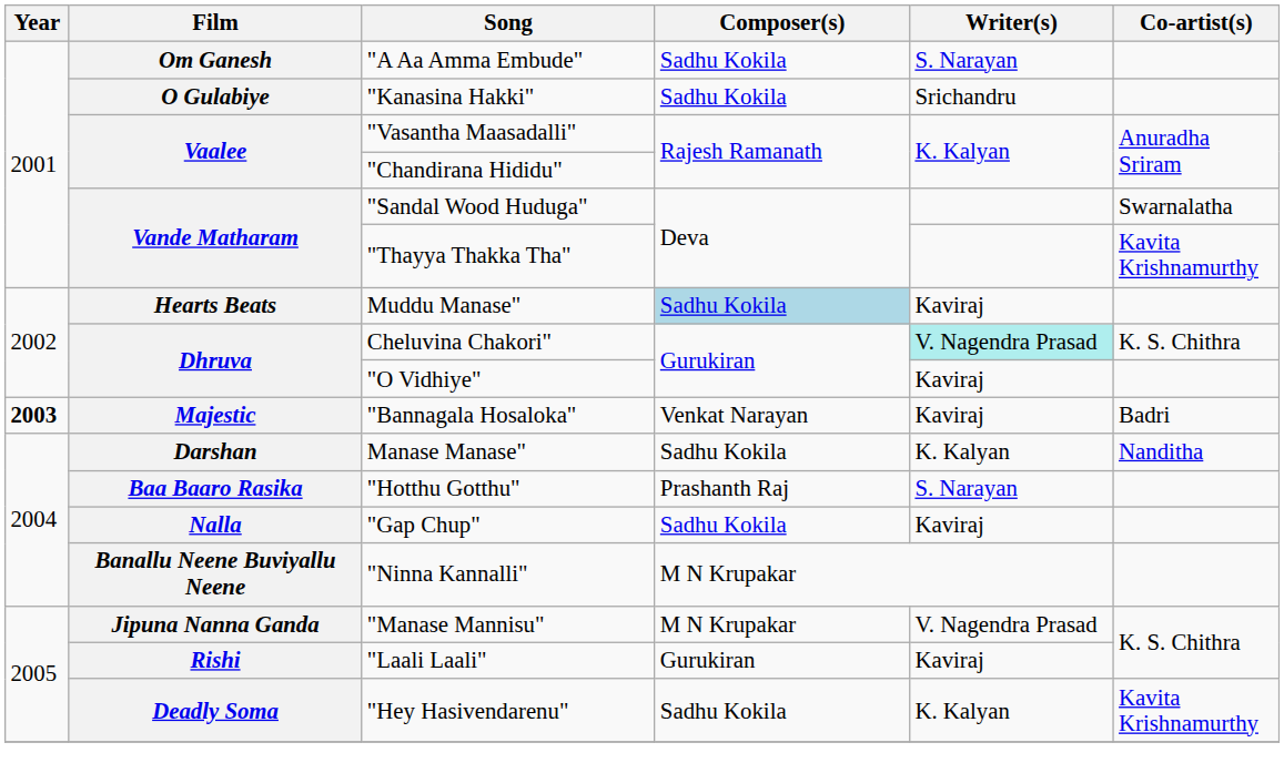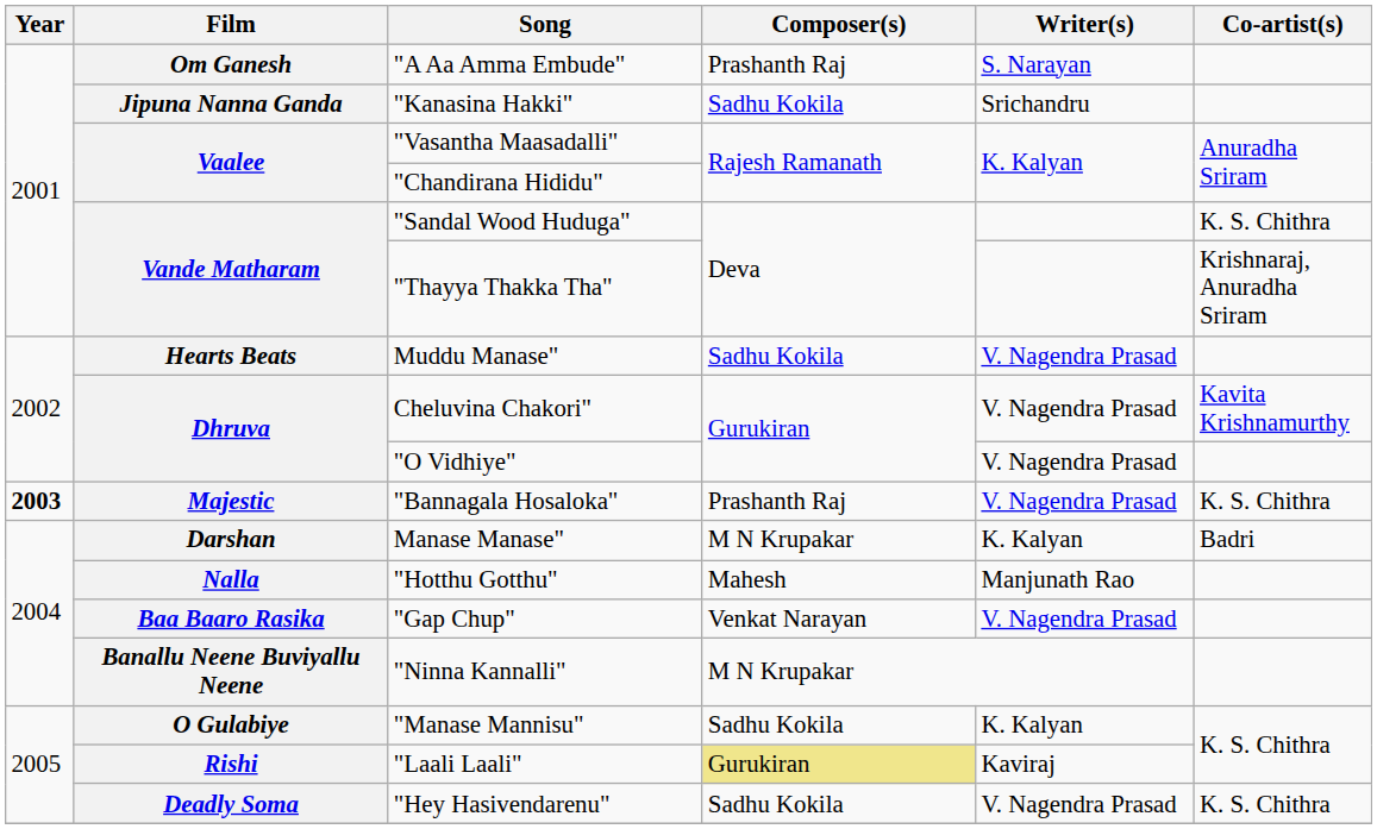 <table class="wikitable plainrowheaders" width="100%" textcolor:#000;">
 <tr style="background:#b0e0e66;">
 <th scope="col" width=5%><strong>Year</strong></th>
 <th scope="col" width=23%><strong>Film</strong></th>
 <th scope="col" width=23%><strong>Song</strong></th>
 <th scope="col" width=20%><strong>Composer(s)</strong></th>
 <th scope="col" width=16%><strong>Writer(s)</strong></th>
 <th scope="col" width=18%><strong>Co-artist(s)</strong></th>
 </tr>
 <tr>
 <td rowspan="6">2001</td>
 <th><em>Om Ganesh</em></th>
 <td>"A Aa Amma Embude"</td>
-<td><a href='#'>Sadhu Kokila</a></td>
+<td>Prashanth Raj</td>
 <td><a href='#'>S. Narayan</a></td>
 <td></td>
 </tr>
 <tr>
-<th><em>O Gulabiye</em></th>
+<th><em>Jipuna Nanna Ganda</em></th>
 <td>"Kanasina Hakki"</td>
 <td><a href='#'>Sadhu Kokila</a></td>
 <td>Srichandru</td>
 <td></td>
 </tr>
 <tr>
 <th rowspan="2"><a href='#'><em>Vaalee</em></a></th>
 <td>"Vasantha Maasadalli"</td>
 <td rowspan="2"><a href='#'>Rajesh Ramanath</a></td>
 <td rowspan="2"><a href='#'>K. Kalyan</a></td>
 <td rowspan="2"><a href='#'>Anuradha Sriram</a></td>
 </tr>
 <tr>
 <td>"Chandirana Hididu"</td>
 </tr>
 <tr>
 <th rowspan="2"><em><a href='#'>Vande Matharam</a></em></th>
 <td>"Sandal Wood Huduga"</td>
 <td rowspan="2">Deva</td>
 <td></td>
-<td>Swarnalatha</td>
+<td>K. S. Chithra</td>
 </tr>
 <tr>
 <td>"Thayya Thakka Tha"</td>
 <td></td>
-<td><a href='#'>Kavita Krishnamurthy</a></td>
+<td>Krishnaraj, Anuradha Sriram</td>
 </tr>
 <tr>
 <td rowspan="3">2002</td>
 <th><em>Hearts Beats</em></th>
 <td>Muddu Manase"</td>
-<td style="background: lightblue;"><a href='#'>Sadhu Kokila</a></td>
-<td>Kaviraj</td>
+<td><a href='#'>Sadhu Kokila</a></td>
+<td><a href='#'>V. Nagendra Prasad</a></td>
 <td></td>
 </tr>
 <tr>
 <th rowspan="2"><em><a href='#'>Dhruva</a></em></th>
 <td>Cheluvina Chakori"</td>
 <td rowspan="2"><a href='#'>Gurukiran</a></td>
-<td style="background: paleturquoise;">V. Nagendra Prasad</td>
-<td>K. S. Chithra</td>
+<td>V. Nagendra Prasad</td>
+<td><a href='#'>Kavita Krishnamurthy</a></td>
 </tr>
 <tr>
 <td>"O Vidhiye"</td>
-<td>Kaviraj</td>
+<td>V. Nagendra Prasad</td>
 <td></td>
 </tr>
 <tr>
 <td><strong>2003</strong></td>
 <th><em><a href='#'>Majestic</a></em></th>
 <td>"Bannagala Hosaloka"</td>
-<td>Venkat Narayan</td>
-<td>Kaviraj</td>
-<td>Badri</td>
+<td>Prashanth Raj</td>
+<td><a href='#'>V. Nagendra Prasad</a></td>
+<td>K. S. Chithra</td>
 </tr>
 <tr>
 <td rowspan="4">2004</td>
 <th><em>Darshan</em></th>
 <td>Manase Manase"</td>
-<td>Sadhu Kokila</td>
+<td>M N Krupakar</td>
 <td>K. Kalyan</td>
-<td><a href='#'>Nanditha</a></td>
+<td>Badri</td>
+</tr>
+<tr>
+<th><em><a href='#'>Nalla</a></em></th>
+<td>"Hotthu Gotthu"</td>
+<td>Mahesh</td>
+<td>Manjunath Rao</td>
+<td></td>
 </tr>
 <tr>
 <th><em><a href='#'>Baa Baaro Rasika</a></em></th>
-<td>"Hotthu Gotthu"</td>
-<td>Prashanth Raj</td>
-<td><a href='#'>S. Narayan</a></td>
-<td></td>
-</tr>
-<tr>
-<th><em><a href='#'>Nalla</a></em></th>
 <td>"Gap Chup"</td>
-<td><a href='#'>Sadhu Kokila</a></td>
-<td>Kaviraj</td>
+<td>Venkat Narayan</td>
+<td><a href='#'>V. Nagendra Prasad</a></td>
 <td></td>
 </tr>
 <tr>
 <th><em>Banallu Neene Buviyallu Neene</em></th>
 <td>"Ninna Kannalli"</td>
 <td colspan="2">M N Krupakar</td>
 <td></td>
 </tr>
 <tr>
 <td rowspan="3">2005</td>
-<th><em>Jipuna Nanna Ganda</em></th>
+<th><em>O Gulabiye</em></th>
 <td>"Manase Mannisu"</td>
-<td>M N Krupakar</td>
-<td>V. Nagendra Prasad</td>
+<td>Sadhu Kokila</td>
+<td>K. Kalyan</td>
 <td rowspan="2">K. S. Chithra</td>
 </tr>
 <tr>
 <th><em><a href='#'>Rishi</a></em></th>
 <td>"Laali Laali"</td>
-<td>Gurukiran</td>
+<td style="background: khaki;">Gurukiran</td>
 <td>Kaviraj</td>
 </tr>
 <tr>
 <th><em><a href='#'>Deadly Soma</a></em></th>
 <td>"Hey Hasivendarenu"</td>
 <td>Sadhu Kokila</td>
-<td>K. Kalyan</td>
-<td><a href='#'>Kavita Krishnamurthy</a></td>
+<td>V. Nagendra Prasad</td>
+<td>K. S. Chithra</td>
 </tr>
 <tr>
 </tr>
 </table>
